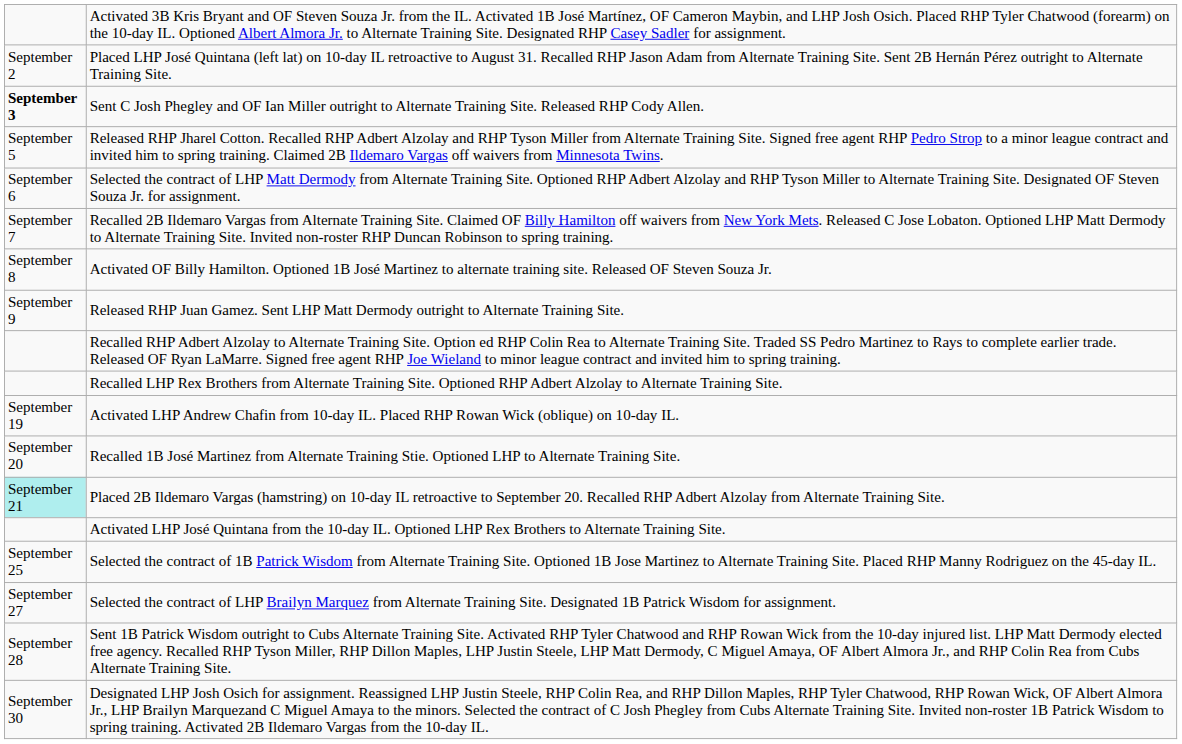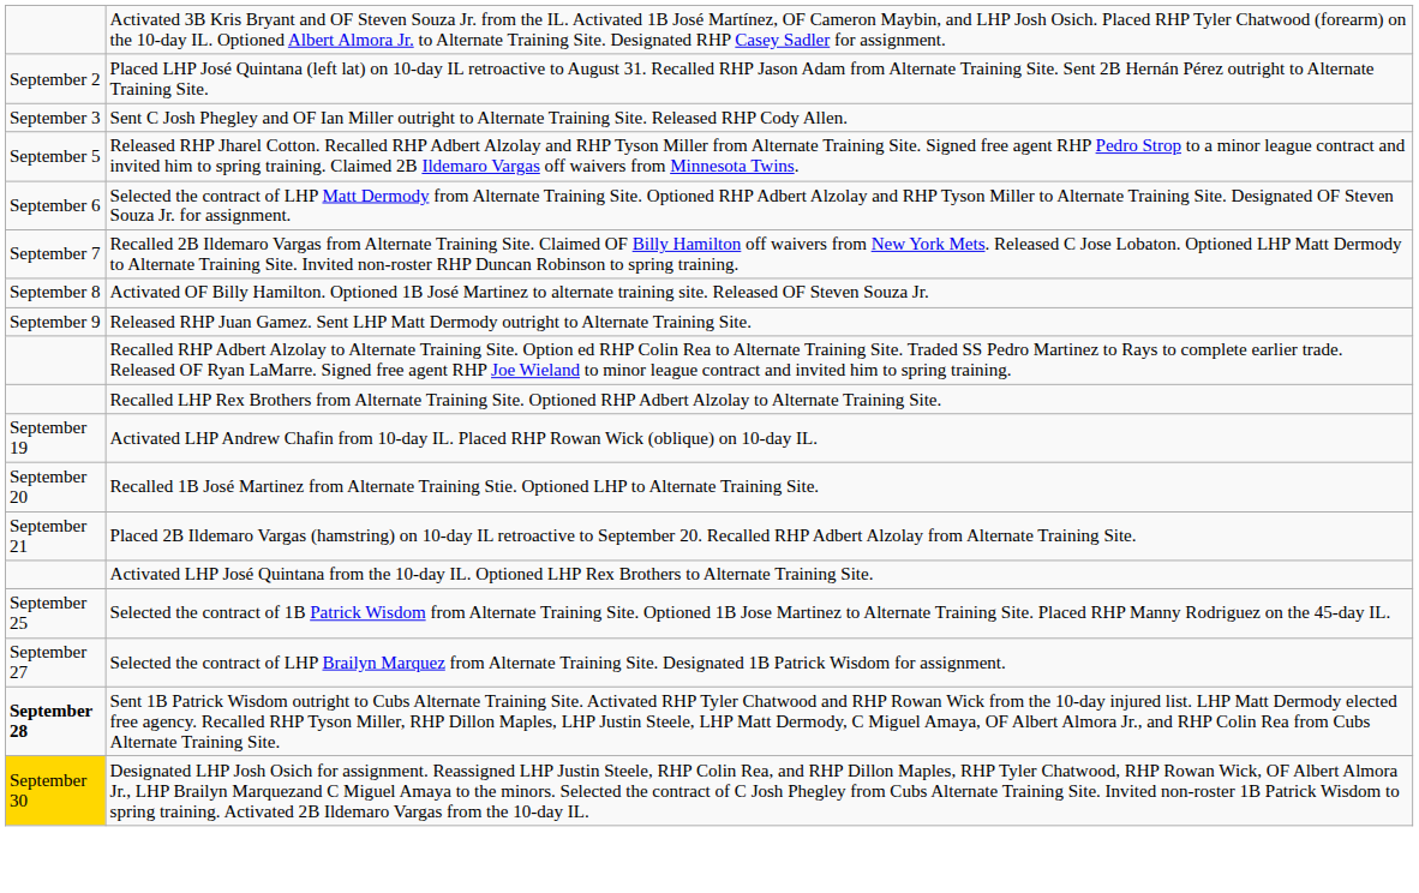 <table class="wikitable">
 <tr>
 <td></td>
 <td>Activated 3B Kris Bryant and OF Steven Souza Jr. from the IL. Activated 1B José Martínez, OF Cameron Maybin, and LHP Josh Osich. Placed RHP Tyler Chatwood (forearm) on the 10-day IL. Optioned <a href='#'>Albert Almora Jr.</a> to Alternate Training Site. Designated RHP <a href='#'>Casey Sadler</a> for assignment.</td>
 </tr>
 <tr>
 <td>September 2</td>
 <td>Placed LHP José Quintana (left lat) on 10-day IL retroactive to August 31. Recalled RHP Jason Adam from Alternate Training Site. Sent 2B Hernán Pérez outright to Alternate Training Site.</td>
 </tr>
 <tr>
-<td><strong>September 3</strong></td>
+<td>September 3</td>
 <td>Sent C Josh Phegley and OF Ian Miller outright to Alternate Training Site. Released RHP Cody Allen.</td>
 </tr>
 <tr>
 <td>September 5</td>
 <td>Released RHP Jharel Cotton. Recalled RHP Adbert Alzolay and RHP Tyson Miller from Alternate Training Site. Signed free agent RHP <a href='#'>Pedro Strop</a> to a minor league contract and invited him to spring training. Claimed 2B <a href='#'>Ildemaro Vargas</a> off waivers from <a href='#'>Minnesota Twins</a>.</td>
 </tr>
 <tr>
 <td>September 6</td>
 <td>Selected the contract of LHP <a href='#'>Matt Dermody</a> from Alternate Training Site. Optioned RHP Adbert Alzolay and RHP Tyson Miller to Alternate Training Site. Designated OF Steven Souza Jr. for assignment.</td>
 </tr>
 <tr>
 <td>September 7</td>
 <td>Recalled 2B Ildemaro Vargas from Alternate Training Site. Claimed OF <a href='#'>Billy Hamilton</a> off waivers from <a href='#'>New York Mets</a>. Released C Jose Lobaton. Optioned LHP Matt Dermody to Alternate Training Site. Invited non-roster RHP Duncan Robinson to spring training.</td>
 </tr>
 <tr>
 <td>September 8</td>
 <td>Activated OF Billy Hamilton. Optioned 1B José Martinez to alternate training site. Released OF Steven Souza Jr.</td>
 </tr>
 <tr>
 <td>September 9</td>
 <td>Released RHP Juan Gamez. Sent LHP Matt Dermody outright to Alternate Training Site.</td>
 </tr>
 <tr>
 <td></td>
 <td>Recalled RHP Adbert Alzolay to Alternate Training Site. Option ed RHP Colin Rea to Alternate Training Site. Traded SS Pedro Martinez to Rays to complete earlier trade. Released OF Ryan LaMarre. Signed free agent RHP <a href='#'>Joe Wieland</a> to minor league contract and invited him to spring training.</td>
 </tr>
 <tr>
 <td></td>
 <td>Recalled LHP Rex Brothers from Alternate Training Site. Optioned RHP Adbert Alzolay to Alternate Training Site.</td>
 </tr>
 <tr>
 <td>September 19</td>
 <td>Activated LHP Andrew Chafin from 10-day IL. Placed RHP Rowan Wick (oblique) on 10-day IL.</td>
 </tr>
 <tr>
 <td>September 20</td>
 <td>Recalled 1B José Martinez from Alternate Training Stie. Optioned LHP to Alternate Training Site.</td>
 </tr>
 <tr>
-<td style="background: paleturquoise;">September 21</td>
+<td>September 21</td>
 <td>Placed 2B Ildemaro Vargas (hamstring) on 10-day IL retroactive to September 20. Recalled RHP Adbert Alzolay from Alternate Training Site.</td>
 </tr>
 <tr>
 <td></td>
 <td>Activated LHP José Quintana from the 10-day IL. Optioned LHP Rex Brothers to Alternate Training Site.</td>
 </tr>
 <tr>
 <td>September 25</td>
 <td>Selected the contract of 1B <a href='#'>Patrick Wisdom</a> from Alternate Training Site. Optioned 1B Jose Martinez to Alternate Training Site. Placed RHP Manny Rodriguez on the 45-day IL.</td>
 </tr>
 <tr>
 <td>September 27</td>
 <td>Selected the contract of LHP <a href='#'>Brailyn Marquez</a> from Alternate Training Site. Designated 1B Patrick Wisdom for assignment.</td>
 </tr>
 <tr>
-<td>September 28</td>
+<td><strong>September 28</strong></td>
 <td>Sent 1B Patrick Wisdom outright to Cubs Alternate Training Site. Activated RHP Tyler Chatwood and RHP Rowan Wick from the 10-day injured list. LHP Matt Dermody elected free agency. Recalled RHP Tyson Miller, RHP Dillon Maples, LHP Justin Steele, LHP Matt Dermody, C Miguel Amaya, OF Albert Almora Jr., and RHP Colin Rea from Cubs Alternate Training Site.</td>
 </tr>
 <tr>
-<td>September 30</td>
+<td style="background: gold;">September 30</td>
 <td>Designated LHP Josh Osich for assignment. Reassigned LHP Justin Steele, RHP Colin Rea, and RHP Dillon Maples, RHP Tyler Chatwood, RHP Rowan Wick, OF Albert Almora Jr.,  LHP Brailyn Marquezand C Miguel Amaya to the minors. Selected the contract of C Josh Phegley from Cubs Alternate Training Site. Invited non-roster 1B Patrick Wisdom to spring training. Activated 2B Ildemaro Vargas from the 10-day IL.</td>
 </tr>
 </table>
